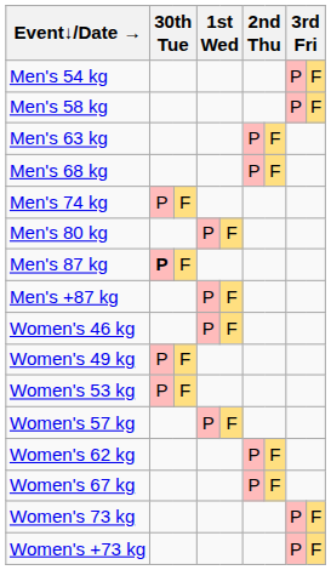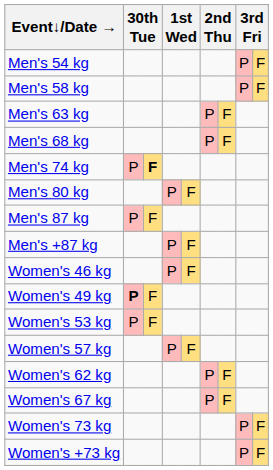 <table class="wikitable" style="margin:0.5em auto; font-size:90%; line-height:1.25em; text-align:center;">
 <tr>
 <th>Event↓/Date →</th>
 <th colspan=2>30th<br>Tue</th>
 <th colspan=2>1st<br>Wed</th>
 <th colspan=2>2nd<br>Thu</th>
 <th colspan=2>3rd<br>Fri</th>
 </tr>
 <tr>
 <td align="left"><a href='#'>Men's 54 kg</a></td>
 <td colspan=2></td>
 <td colspan=2></td>
 <td colspan=2></td>
 <td bgcolor="#FFBBBB">P</td>
 <td bgcolor="#FFDF80">F</td>
 </tr>
 <tr>
 <td align="left"><a href='#'>Men's 58 kg</a></td>
 <td colspan=2></td>
 <td colspan=2></td>
 <td colspan=2></td>
 <td bgcolor="#FFBBBB">P</td>
 <td bgcolor="#FFDF80">F</td>
 </tr>
 <tr>
 <td align="left"><a href='#'>Men's 63 kg</a></td>
 <td colspan=2></td>
 <td colspan=2></td>
 <td bgcolor="#FFBBBB">P</td>
 <td bgcolor="#FFDF80">F</td>
 <td colspan=2></td>
 </tr>
 <tr>
 <td align="left"><a href='#'>Men's 68 kg</a></td>
 <td colspan=2></td>
 <td colspan=2></td>
 <td bgcolor="#FFBBBB">P</td>
 <td bgcolor="#FFDF80">F</td>
 <td colspan=2></td>
 </tr>
 <tr>
 <td align="left"><a href='#'>Men's 74 kg</a></td>
 <td bgcolor="#FFBBBB">P</td>
-<td bgcolor="#FFDF80">F</td>
+<td bgcolor="#FFDF80"><strong>F</strong></td>
 <td colspan=2></td>
 <td colspan=2></td>
 <td colspan=2></td>
 </tr>
 <tr>
 <td align="left"><a href='#'>Men's 80 kg</a></td>
 <td colspan=2></td>
 <td bgcolor="#FFBBBB">P</td>
 <td bgcolor="#FFDF80">F</td>
 <td colspan=2></td>
 <td colspan=2></td>
 </tr>
 <tr>
 <td align="left"><a href='#'>Men's 87 kg</a></td>
-<td bgcolor="#FFBBBB"><strong>P</strong></td>
+<td bgcolor="#FFBBBB">P</td>
 <td bgcolor="#FFDF80">F</td>
 <td colspan=2></td>
 <td colspan=2></td>
 <td colspan=2></td>
 </tr>
 <tr>
 <td align="left"><a href='#'>Men's +87 kg</a></td>
 <td colspan=2></td>
 <td bgcolor="#FFBBBB">P</td>
 <td bgcolor="#FFDF80">F</td>
 <td colspan=2></td>
 <td colspan=2></td>
 </tr>
 <tr>
 <td align="left"><a href='#'>Women's 46 kg</a></td>
 <td colspan=2></td>
 <td bgcolor="#FFBBBB">P</td>
 <td bgcolor="#FFDF80">F</td>
 <td colspan=2></td>
 <td colspan=2></td>
 </tr>
 <tr>
 <td align="left"><a href='#'>Women's 49 kg</a></td>
-<td bgcolor="#FFBBBB">P</td>
+<td bgcolor="#FFBBBB"><strong>P</strong></td>
 <td bgcolor="#FFDF80">F</td>
 <td colspan=2></td>
 <td colspan=2></td>
 <td colspan=2></td>
 </tr>
 <tr>
 <td align="left"><a href='#'>Women's 53 kg</a></td>
 <td bgcolor="#FFBBBB">P</td>
 <td bgcolor="#FFDF80">F</td>
 <td colspan=2></td>
 <td colspan=2></td>
 <td colspan=2></td>
 </tr>
 <tr>
 <td align="left"><a href='#'>Women's 57 kg</a></td>
 <td colspan=2></td>
 <td bgcolor="#FFBBBB">P</td>
 <td bgcolor="#FFDF80">F</td>
 <td colspan=2></td>
 <td colspan=2></td>
 </tr>
 <tr>
 <td align="left"><a href='#'>Women's 62 kg</a></td>
 <td colspan=2></td>
 <td colspan=2></td>
 <td bgcolor="#FFBBBB">P</td>
 <td bgcolor="#FFDF80">F</td>
 <td colspan=2></td>
 </tr>
 <tr>
 <td align="left"><a href='#'>Women's 67 kg</a></td>
 <td colspan=2></td>
 <td colspan=2></td>
 <td bgcolor="#FFBBBB">P</td>
 <td bgcolor="#FFDF80">F</td>
 <td colspan=2></td>
 </tr>
 <tr>
 <td align="left"><a href='#'>Women's 73 kg</a></td>
 <td colspan=2></td>
 <td colspan=2></td>
 <td colspan=2></td>
 <td bgcolor="#FFBBBB">P</td>
 <td bgcolor="#FFDF80">F</td>
 </tr>
 <tr>
 <td align="left"><a href='#'>Women's +73 kg</a></td>
 <td colspan=2></td>
 <td colspan=2></td>
 <td colspan=2></td>
 <td bgcolor="#FFBBBB">P</td>
 <td bgcolor="#FFDF80">F</td>
 </tr>
 </table>
